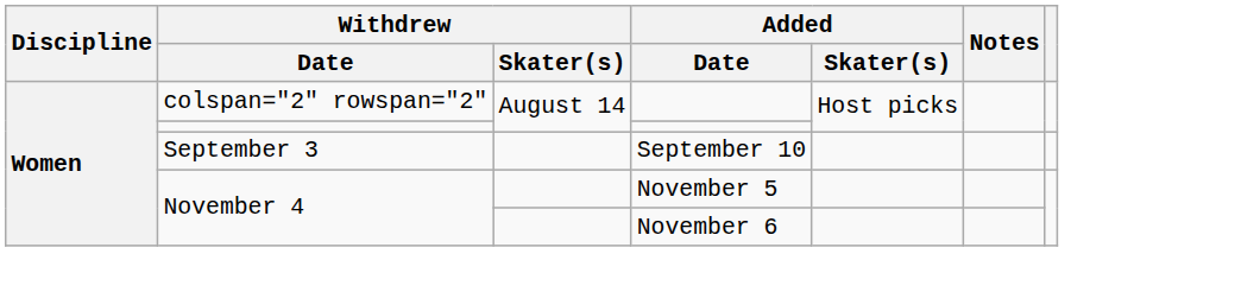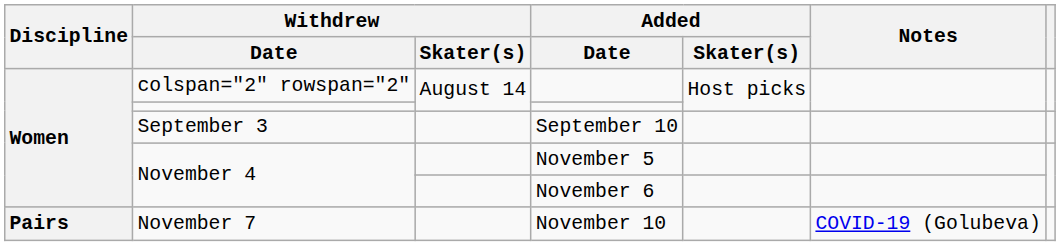 <table class="wikitable unsortable">
 <tr>
 <th scope="col" rowspan=2>Discipline</th>
 <th scope="col" colspan=2>Withdrew</th>
 <th scope="col" colspan=2>Added</th>
 <th scope="col" rowspan=2>Notes</th>
 <th scope="col" rowspan=2></th>
 </tr>
 <tr>
 <th>Date</th>
 <th>Skater(s)</th>
 <th>Date</th>
 <th>Skater(s)</th>
 </tr>
 <tr>
 <th rowspan="5" scope="row" style="text-align:left">Women</th>
 <td>colspan="2" rowspan="2" </td>
 <td rowspan="2">August 14</td>
 <td></td>
 <td rowspan="2">Host picks</td>
 <td rowspan="2"></td>
 </tr>
 <tr>
 <td></td>
 </tr>
 <tr>
 <td>September 3</td>
 <td></td>
 <td>September 10</td>
 <td></td>
 <td></td>
 <td></td>
 </tr>
 <tr>
 <td rowspan="2">November 4</td>
 <td></td>
 <td>November 5</td>
 <td></td>
 <td></td>
 <td rowspan="2"></td>
 </tr>
 <tr>
 <td></td>
 <td>November 6</td>
 <td></td>
 <td></td>
 </tr>
+<tr>
+<th scope="row" style="text-align:left">Pairs</th>
+<td>November 7</td>
+<td></td>
+<td>November 10</td>
+<td></td>
+<td><a href='#'>COVID-19</a> (Golubeva)</td>
+<td></td>
+</tr>
 </table>
